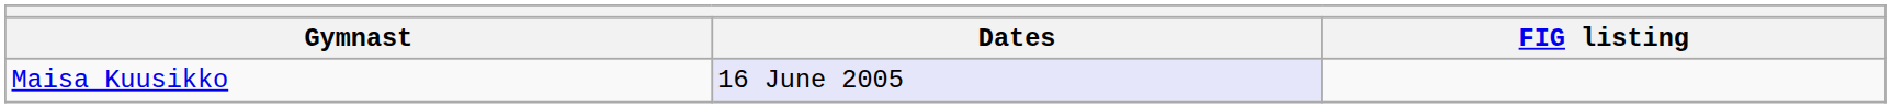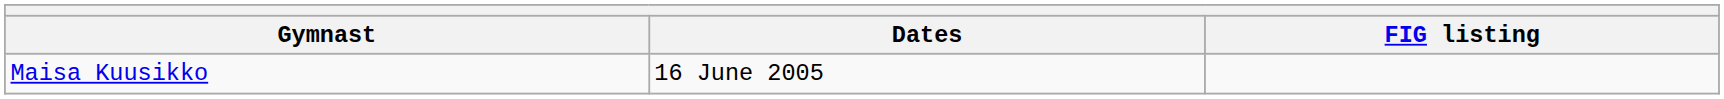 <table class="wikitable mw-collapsible mw-collapsed" width="75%">
 <tr>
 <th colspan="3"></th>
 </tr>
 <tr>
 <th>Gymnast</th>
 <th>Dates</th>
 <th><a href='#'>FIG</a> listing</th>
 </tr>
 <tr>
 <td><a href='#'>Maisa Kuusikko</a></td>
-<td style="background: lavender;">16 June 2005</td>
+<td>16 June 2005</td>
 <td></td>
 </tr>
 </table>
